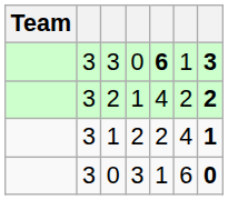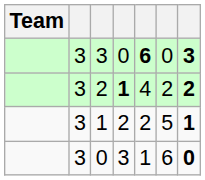 <table class=wikitable style="text-align:center">
 <tr>
 <th>Team</th>
 <th></th>
 <th></th>
 <th></th>
 <th></th>
 <th></th>
 <th></th>
 </tr>
 <tr bgcolor=ccffcc>
 <td style="text-align:left"></td>
 <td>3</td>
 <td>3</td>
 <td>0</td>
 <td><strong>6</strong></td>
-<td>1</td>
+<td>0</td>
 <td><strong>3</strong></td>
 </tr>
 <tr bgcolor=ccffcc>
 <td style="text-align:left"></td>
 <td>3</td>
 <td>2</td>
-<td>1</td>
+<td><strong>1</strong></td>
 <td>4</td>
 <td>2</td>
 <td><strong>2</strong></td>
 </tr>
 <tr>
 <td style="text-align:left"></td>
 <td>3</td>
 <td>1</td>
 <td>2</td>
 <td>2</td>
-<td>4</td>
+<td>5</td>
 <td><strong>1</strong></td>
 </tr>
 <tr>
 <td style="text-align:left"></td>
 <td>3</td>
 <td>0</td>
 <td>3</td>
 <td>1</td>
 <td>6</td>
 <td><strong>0</strong></td>
 </tr>
 </table>
